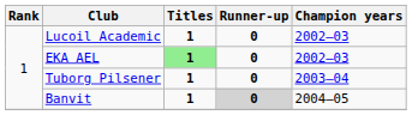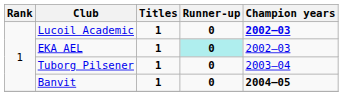 <table class="wikitable sortable">
 <tr>
 <th>Rank</th>
 <th>Club</th>
 <th>Titles</th>
 <th>Runner-up</th>
 <th>Champion years</th>
 </tr>
 <tr>
 <td align=center rowspan=4>1</td>
 <td> <a href='#'>Lucoil Academic</a></td>
 <td align=center><strong>1</strong></td>
 <td align=center><strong>0</strong></td>
-<td><a href='#'>2002–03</a></td>
+<td><strong><a href='#'>2002–03</a></strong></td>
 </tr>
 <tr>
 <td> <a href='#'>EKA AEL</a></td>
-<td align=center style="background: lightgreen;"><strong>1</strong></td>
-<td align=center><strong>0</strong></td>
+<td align=center><strong>1</strong></td>
+<td align=center style="background: paleturquoise;"><strong>0</strong></td>
 <td><a href='#'>2002–03</a></td>
 </tr>
 <tr>
 <td> <a href='#'> Tuborg Pilsener</a></td>
 <td align=center><strong>1</strong></td>
 <td align=center><strong>0</strong></td>
 <td><a href='#'>2003–04</a></td>
 </tr>
 <tr>
 <td> <a href='#'>Banvit</a></td>
 <td align=center><strong>1</strong></td>
-<td align=center style="background: lightgrey;"><strong>0</strong></td>
-<td>2004–05</td>
+<td align=center><strong>0</strong></td>
+<td><strong>2004–05</strong></td>
 </tr>
 <tr>
 </tr>
 </table>
